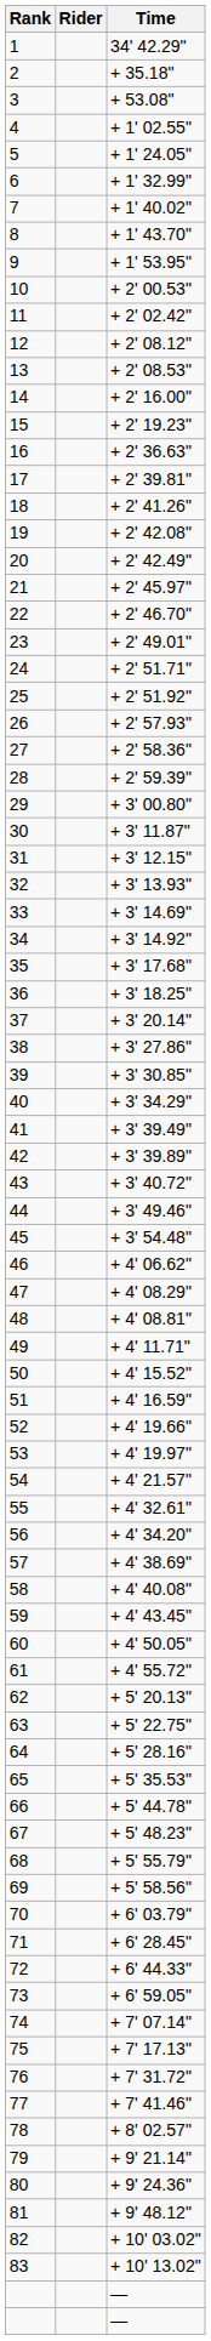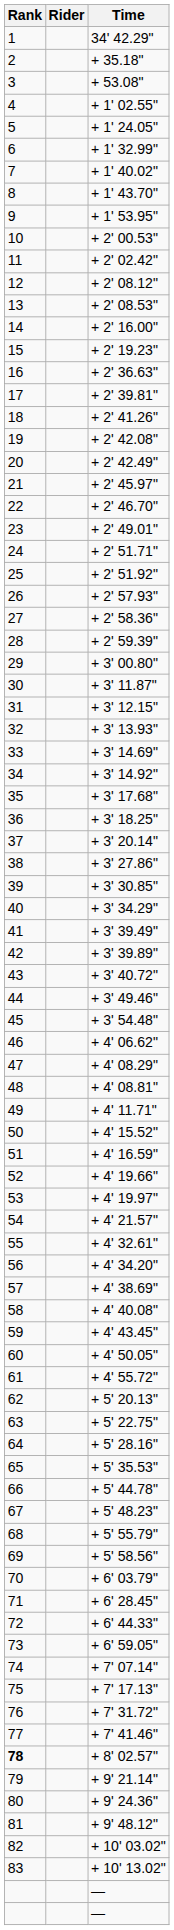 <table class="wikitable">
 <tr>
 <th>Rank</th>
 <th>Rider</th>
 <th>Time</th>
 </tr>
 <tr>
 <td>1</td>
 <td></td>
 <td>34' 42.29"</td>
 </tr>
 <tr>
 <td>2</td>
 <td></td>
 <td>+ 35.18"</td>
 </tr>
 <tr>
 <td>3</td>
 <td></td>
 <td>+ 53.08"</td>
 </tr>
 <tr>
 <td>4</td>
 <td></td>
 <td>+ 1' 02.55"</td>
 </tr>
 <tr>
 <td>5</td>
 <td></td>
 <td>+ 1' 24.05"</td>
 </tr>
 <tr>
 <td>6</td>
 <td></td>
 <td>+ 1' 32.99"</td>
 </tr>
 <tr>
 <td>7</td>
 <td></td>
 <td>+ 1' 40.02"</td>
 </tr>
 <tr>
 <td>8</td>
 <td></td>
 <td>+ 1' 43.70"</td>
 </tr>
 <tr>
 <td>9</td>
 <td></td>
 <td>+ 1' 53.95"</td>
 </tr>
 <tr>
 <td>10</td>
 <td></td>
 <td>+ 2' 00.53"</td>
 </tr>
 <tr>
 <td>11</td>
 <td></td>
 <td>+ 2' 02.42"</td>
 </tr>
 <tr>
 <td>12</td>
 <td></td>
 <td>+ 2' 08.12"</td>
 </tr>
 <tr>
 <td>13</td>
 <td></td>
 <td>+ 2' 08.53"</td>
 </tr>
 <tr>
 <td>14</td>
 <td></td>
 <td>+ 2' 16.00"</td>
 </tr>
 <tr>
 <td>15</td>
 <td></td>
 <td>+ 2' 19.23"</td>
 </tr>
 <tr>
 <td>16</td>
 <td></td>
 <td>+ 2' 36.63"</td>
 </tr>
 <tr>
 <td>17</td>
 <td></td>
 <td>+ 2' 39.81"</td>
 </tr>
 <tr>
 <td>18</td>
 <td></td>
 <td>+ 2' 41.26"</td>
 </tr>
 <tr>
 <td>19</td>
 <td></td>
 <td>+ 2' 42.08"</td>
 </tr>
 <tr>
 <td>20</td>
 <td></td>
 <td>+ 2' 42.49"</td>
 </tr>
 <tr>
 <td>21</td>
 <td></td>
 <td>+ 2' 45.97"</td>
 </tr>
 <tr>
 <td>22</td>
 <td></td>
 <td>+ 2' 46.70"</td>
 </tr>
 <tr>
 <td>23</td>
 <td></td>
 <td>+ 2' 49.01"</td>
 </tr>
 <tr>
 <td>24</td>
 <td></td>
 <td>+ 2' 51.71"</td>
 </tr>
 <tr>
 <td>25</td>
 <td></td>
 <td>+ 2' 51.92"</td>
 </tr>
 <tr>
 <td>26</td>
 <td></td>
 <td>+ 2' 57.93"</td>
 </tr>
 <tr>
 <td>27</td>
 <td></td>
 <td>+ 2' 58.36"</td>
 </tr>
 <tr>
 <td>28</td>
 <td></td>
 <td>+ 2' 59.39"</td>
 </tr>
 <tr>
 <td>29</td>
 <td></td>
 <td>+ 3' 00.80"</td>
 </tr>
 <tr>
 <td>30</td>
 <td></td>
 <td>+ 3' 11.87"</td>
 </tr>
 <tr>
 <td>31</td>
 <td></td>
 <td>+ 3' 12.15"</td>
 </tr>
 <tr>
 <td>32</td>
 <td></td>
 <td>+ 3' 13.93"</td>
 </tr>
 <tr>
 <td>33</td>
 <td></td>
 <td>+ 3' 14.69"</td>
 </tr>
 <tr>
 <td>34</td>
 <td></td>
 <td>+ 3' 14.92"</td>
 </tr>
 <tr>
 <td>35</td>
 <td></td>
 <td>+ 3' 17.68"</td>
 </tr>
 <tr>
 <td>36</td>
 <td></td>
 <td>+ 3' 18.25"</td>
 </tr>
 <tr>
 <td>37</td>
 <td></td>
 <td>+ 3' 20.14"</td>
 </tr>
 <tr>
 <td>38</td>
 <td></td>
 <td>+ 3' 27.86"</td>
 </tr>
 <tr>
 <td>39</td>
 <td></td>
 <td>+ 3' 30.85"</td>
 </tr>
 <tr>
 <td>40</td>
 <td></td>
 <td>+ 3' 34.29"</td>
 </tr>
 <tr>
 <td>41</td>
 <td></td>
 <td>+ 3' 39.49"</td>
 </tr>
 <tr>
 <td>42</td>
 <td></td>
 <td>+ 3' 39.89"</td>
 </tr>
 <tr>
 <td>43</td>
 <td></td>
 <td>+ 3' 40.72"</td>
 </tr>
 <tr>
 <td>44</td>
 <td></td>
 <td>+ 3' 49.46"</td>
 </tr>
 <tr>
 <td>45</td>
 <td></td>
 <td>+ 3' 54.48"</td>
 </tr>
 <tr>
 <td>46</td>
 <td></td>
 <td>+ 4' 06.62"</td>
 </tr>
 <tr>
 <td>47</td>
 <td></td>
 <td>+ 4' 08.29"</td>
 </tr>
 <tr>
 <td>48</td>
 <td></td>
 <td>+ 4' 08.81"</td>
 </tr>
 <tr>
 <td>49</td>
 <td></td>
 <td>+ 4' 11.71"</td>
 </tr>
 <tr>
 <td>50</td>
 <td></td>
 <td>+ 4' 15.52"</td>
 </tr>
 <tr>
 <td>51</td>
 <td></td>
 <td>+ 4' 16.59"</td>
 </tr>
 <tr>
 <td>52</td>
 <td></td>
 <td>+ 4' 19.66"</td>
 </tr>
 <tr>
 <td>53</td>
 <td></td>
 <td>+ 4' 19.97"</td>
 </tr>
 <tr>
 <td>54</td>
 <td></td>
 <td>+ 4' 21.57"</td>
 </tr>
 <tr>
 <td>55</td>
 <td></td>
 <td>+ 4' 32.61"</td>
 </tr>
 <tr>
 <td>56</td>
 <td></td>
 <td>+ 4' 34.20"</td>
 </tr>
 <tr>
 <td>57</td>
 <td></td>
 <td>+ 4' 38.69"</td>
 </tr>
 <tr>
 <td>58</td>
 <td></td>
 <td>+ 4' 40.08"</td>
 </tr>
 <tr>
 <td>59</td>
 <td></td>
 <td>+ 4' 43.45"</td>
 </tr>
 <tr>
 <td>60</td>
 <td></td>
 <td>+ 4' 50.05"</td>
 </tr>
 <tr>
 <td>61</td>
 <td></td>
 <td>+ 4' 55.72"</td>
 </tr>
 <tr>
 <td>62</td>
 <td></td>
 <td>+ 5' 20.13"</td>
 </tr>
 <tr>
 <td>63</td>
 <td></td>
 <td>+ 5' 22.75"</td>
 </tr>
 <tr>
 <td>64</td>
 <td></td>
 <td>+ 5' 28.16"</td>
 </tr>
 <tr>
 <td>65</td>
 <td></td>
 <td>+ 5' 35.53"</td>
 </tr>
 <tr>
 <td>66</td>
 <td></td>
 <td>+ 5' 44.78"</td>
 </tr>
 <tr>
 <td>67</td>
 <td></td>
 <td>+ 5' 48.23"</td>
 </tr>
 <tr>
 <td>68</td>
 <td></td>
 <td>+ 5' 55.79"</td>
 </tr>
 <tr>
 <td>69</td>
 <td></td>
 <td>+ 5' 58.56"</td>
 </tr>
 <tr>
 <td>70</td>
 <td></td>
 <td>+ 6' 03.79"</td>
 </tr>
 <tr>
 <td>71</td>
 <td></td>
 <td>+ 6' 28.45"</td>
 </tr>
 <tr>
 <td>72</td>
 <td></td>
 <td>+ 6' 44.33"</td>
 </tr>
 <tr>
 <td>73</td>
 <td></td>
 <td>+ 6' 59.05"</td>
 </tr>
 <tr>
 <td>74</td>
 <td></td>
 <td>+ 7' 07.14"</td>
 </tr>
 <tr>
 <td>75</td>
 <td></td>
 <td>+ 7' 17.13"</td>
 </tr>
 <tr>
 <td>76</td>
 <td></td>
 <td>+ 7' 31.72"</td>
 </tr>
 <tr>
 <td>77</td>
 <td></td>
 <td>+ 7' 41.46"</td>
 </tr>
 <tr>
-<td>78</td>
+<td><strong>78</strong></td>
 <td></td>
 <td>+ 8' 02.57"</td>
 </tr>
 <tr>
 <td>79</td>
 <td></td>
 <td>+ 9' 21.14"</td>
 </tr>
 <tr>
 <td>80</td>
 <td></td>
 <td>+ 9' 24.36"</td>
 </tr>
 <tr>
 <td>81</td>
 <td></td>
 <td>+ 9' 48.12"</td>
 </tr>
 <tr>
 <td>82</td>
 <td></td>
 <td>+ 10' 03.02"</td>
 </tr>
 <tr>
 <td>83</td>
 <td></td>
 <td>+ 10' 13.02"</td>
 </tr>
 <tr>
 <td></td>
 <td></td>
 <td>—</td>
 </tr>
 <tr>
 <td></td>
 <td></td>
 <td>—</td>
 </tr>
 </table>
